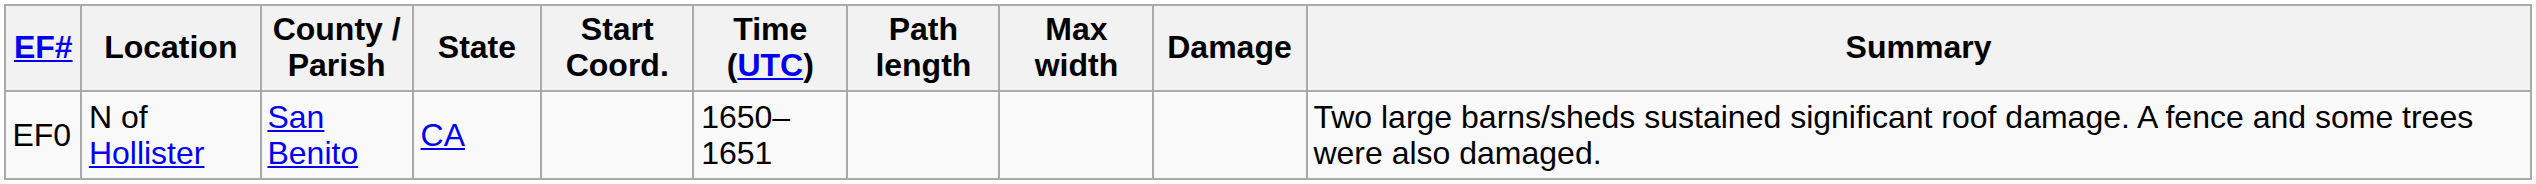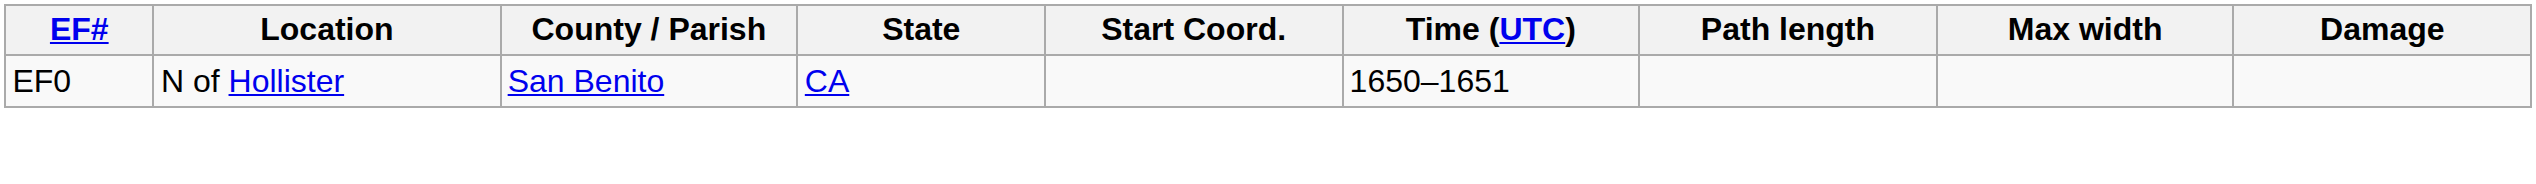 <table class="wikitable sortable" style="width:100%;">
 <tr>
 <th scope="col"  style="width:3%; text-align:center;"><a href='#'>EF#</a></th>
 <th scope="col"  style="width:7%; text-align:center;" class="unsortable">Location</th>
 <th scope="col"  style="width:6%; text-align:center;" class="unsortable">County / Parish</th>
 <th scope="col"  style="width:5%; text-align:center;">State</th>
 <th scope="col"  style="width:6%; text-align:center;">Start Coord.</th>
 <th scope="col"  style="width:6%; text-align:center;">Time (<a href='#'>UTC</a>)</th>
 <th scope="col"  style="width:6%; text-align:center;">Path length</th>
 <th scope="col"  style="width:6%; text-align:center;">Max width</th>
 <th scope="col"  style="width:6%; text-align:center;">Damage</th>
-<th scope="col" class="unsortable" style="width:48%; text-align:center;">Summary</th>
 </tr>
 <tr>
 <td>EF0</td>
 <td>N of <a href='#'>Hollister</a></td>
 <td><a href='#'>San Benito</a></td>
 <td><a href='#'>CA</a></td>
 <td></td>
 <td>1650–1651</td>
 <td></td>
 <td></td>
 <td></td>
-<td>Two large barns/sheds sustained significant roof damage. A fence and some trees were also damaged.</td>
 </tr>
 </table>
